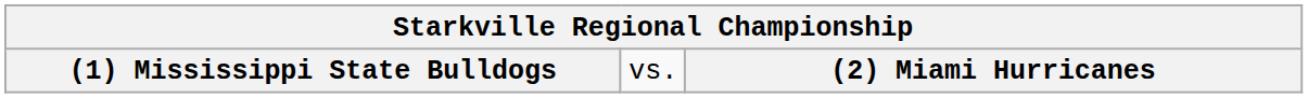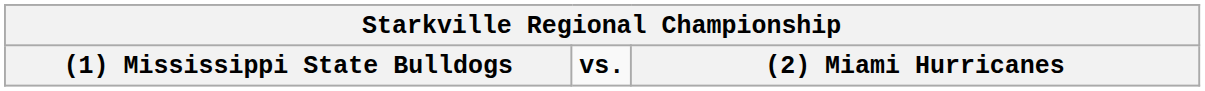 <table class="wikitable">
 <tr>
 <th style="width: 604px;" colspan=3>Starkville Regional Championship</th>
 </tr>
 <tr>
 <th style="width: 289px; ">(1) Mississippi State Bulldogs</th>
-<td style="width: 25px; text-align:center">vs.</td>
+<td style="width: 25px; text-align:center"><strong>vs.</strong></td>
 <th style="width: 289px; ">(2) Miami Hurricanes</th>
 </tr>
 </table>
